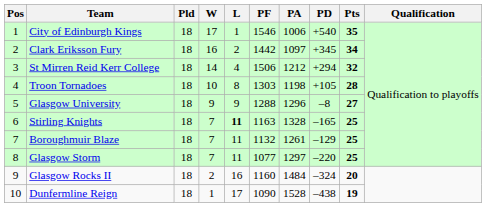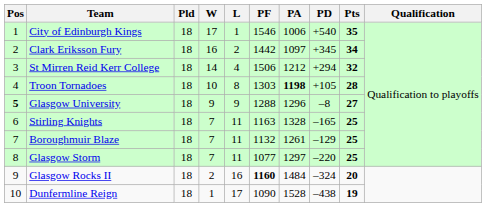 <table class="wikitable" style="text-align: center;">
 <tr>
 <th>Pos</th>
 <th scope="col" style="width: 200px;">Team</th>
 <th scope="col" style="width: 28px;">Pld</th>
 <th scope="col" style="width: 28px;">W</th>
 <th scope="col" style="width: 28px;">L</th>
 <th scope="col" style="width: 35px;">PF</th>
 <th scope="col" style="width: 35px;">PA</th>
 <th scope="col" style="width: 35px;">PD</th>
 <th scope="col" style="width: 28px;">Pts</th>
 <th>Qualification</th>
 </tr>
 <tr style="background: #ccffcc;">
 <td>1</td>
 <td style="text-align:left;"><a href='#'>City of Edinburgh Kings</a></td>
 <td>18</td>
 <td>17</td>
 <td>1</td>
 <td>1546</td>
 <td>1006</td>
 <td>+540</td>
 <td><strong>35</strong></td>
 <td rowspan=8>Qualification to playoffs</td>
 </tr>
 <tr style="background: #ccffcc ;">
 <td>2</td>
 <td style="text-align:left;"><a href='#'>Clark Eriksson Fury</a></td>
 <td>18</td>
 <td>16</td>
 <td>2</td>
 <td>1442</td>
 <td>1097</td>
 <td>+345</td>
 <td><strong>34</strong></td>
 </tr>
 <tr style="background: #ccffcc;">
 <td>3</td>
 <td style="text-align:left;"><a href='#'>St Mirren Reid Kerr College</a></td>
 <td>18</td>
 <td>14</td>
 <td>4</td>
 <td>1506</td>
 <td>1212</td>
 <td>+294</td>
 <td><strong>32</strong></td>
 </tr>
 <tr style="background: #ccffcc ;">
 <td>4</td>
 <td style="text-align:left;"><a href='#'>Troon Tornadoes</a></td>
 <td>18</td>
 <td>10</td>
 <td>8</td>
 <td>1303</td>
-<td>1198</td>
+<td><strong>1198</strong></td>
 <td>+105</td>
 <td><strong>28</strong></td>
 </tr>
 <tr style="background: #ccffcc ;">
-<td>5</td>
+<td><strong>5</strong></td>
 <td style="text-align:left;"><a href='#'>Glasgow University</a></td>
 <td>18</td>
 <td>9</td>
 <td>9</td>
 <td>1288</td>
 <td>1296</td>
 <td>–8</td>
 <td><strong>27</strong></td>
 </tr>
 <tr style="background: #ccffcc;">
 <td>6</td>
 <td style="text-align:left;"><a href='#'>Stirling Knights</a></td>
 <td>18</td>
 <td>7</td>
-<td><strong>11</strong></td>
+<td>11</td>
 <td>1163</td>
 <td>1328</td>
 <td>–165</td>
 <td><strong>25</strong></td>
 </tr>
 <tr style="background: #ccffcc;">
 <td>7</td>
 <td style="text-align:left;"><a href='#'>Boroughmuir Blaze</a></td>
 <td>18</td>
 <td>7</td>
 <td>11</td>
 <td>1132</td>
 <td>1261</td>
 <td>–129</td>
 <td><strong>25</strong></td>
 </tr>
 <tr style="background: #ccffcc;">
 <td>8</td>
 <td style="text-align:left;"><a href='#'>Glasgow Storm</a></td>
 <td>18</td>
 <td>7</td>
 <td>11</td>
 <td>1077</td>
 <td>1297</td>
 <td>–220</td>
 <td><strong>25</strong></td>
 </tr>
 <tr style="background: ;">
 <td>9</td>
 <td style="text-align:left;"><a href='#'>Glasgow Rocks II</a></td>
 <td>18</td>
 <td>2</td>
 <td>16</td>
-<td>1160</td>
+<td><strong>1160</strong></td>
 <td>1484</td>
 <td>–324</td>
 <td><strong>20</strong></td>
 <td rowspan=2></td>
 </tr>
 <tr style="background: ;">
 <td>10</td>
 <td style="text-align:left;"><a href='#'>Dunfermline Reign</a></td>
 <td>18</td>
 <td>1</td>
 <td>17</td>
 <td>1090</td>
 <td>1528</td>
 <td>–438</td>
 <td><strong>19</strong></td>
 </tr>
 </table>
